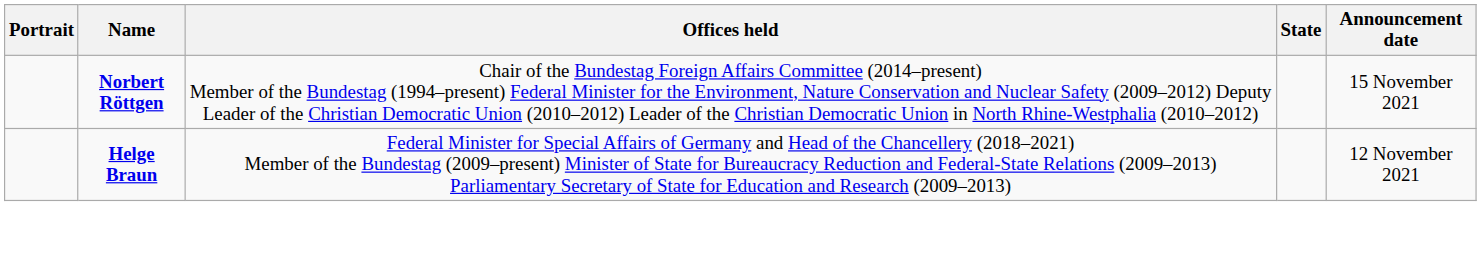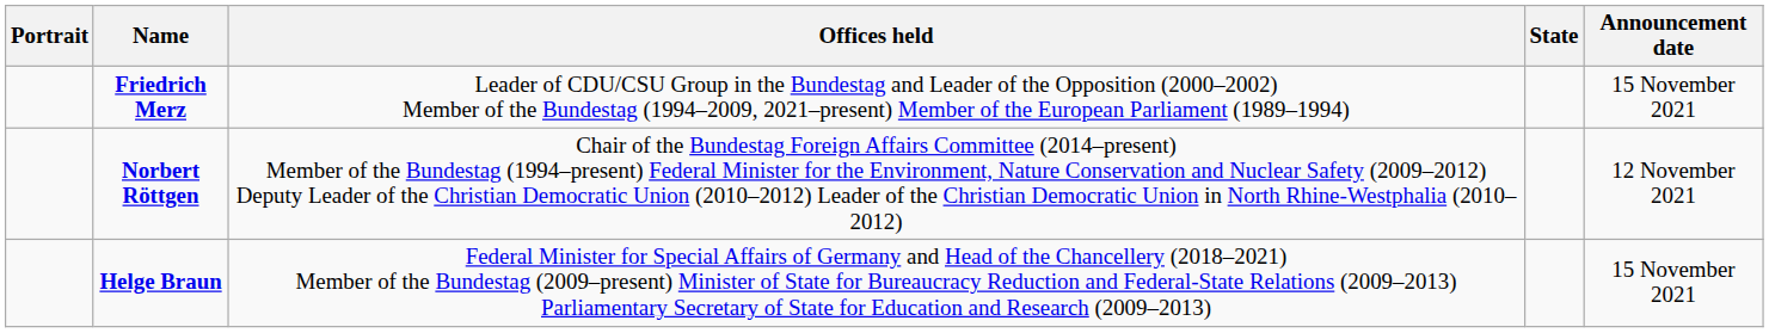 <table class="wikitable" style="text-align:center;">
 <tr>
 <th>Portrait</th>
 <th>Name</th>
 <th>Offices held</th>
 <th>State</th>
 <th>Announcement date</th>
 </tr>
 <tr>
 <td></td>
+<td><strong><a href='#'>Friedrich Merz</a></strong> </td>
+<td>Leader of CDU/CSU Group in the <a href='#'>Bundestag</a> and Leader of the Opposition (2000–2002)<br>Member of the <a href='#'>Bundestag</a> (1994–2009, 2021–present) <a href='#'>Member of the European Parliament</a> (1989–1994)</td>
+<td></td>
+<td>15 November 2021</td>
+</tr>
+<tr>
+<td></td>
 <td><strong><a href='#'>Norbert Röttgen</a></strong> </td>
 <td>Chair of the <a href='#'>Bundestag Foreign Affairs Committee</a> (2014–present)<br>Member of the <a href='#'>Bundestag</a> (1994–present) <a href='#'>Federal Minister for the Environment, Nature Conservation and Nuclear Safety</a> (2009–2012) Deputy Leader of the <a href='#'>Christian Democratic Union</a> (2010–2012) Leader of the <a href='#'>Christian Democratic Union</a> in <a href='#'>North Rhine-Westphalia</a> (2010–2012)</td>
 <td></td>
-<td>15 November 2021</td>
+<td>12 November 2021</td>
 </tr>
 <tr>
 <td></td>
 <td><strong><a href='#'>Helge Braun</a></strong> </td>
 <td><a href='#'>Federal Minister for Special Affairs of Germany</a> and <a href='#'>Head of the Chancellery</a> (2018–2021)<br>Member of the <a href='#'>Bundestag</a> (2009–present) <a href='#'>Minister of State for Bureaucracy Reduction and Federal-State Relations</a> (2009–2013) <a href='#'>Parliamentary Secretary of State for Education and Research</a> (2009–2013)</td>
 <td></td>
-<td>12 November 2021</td>
+<td>15 November 2021</td>
 </tr>
 </table>
